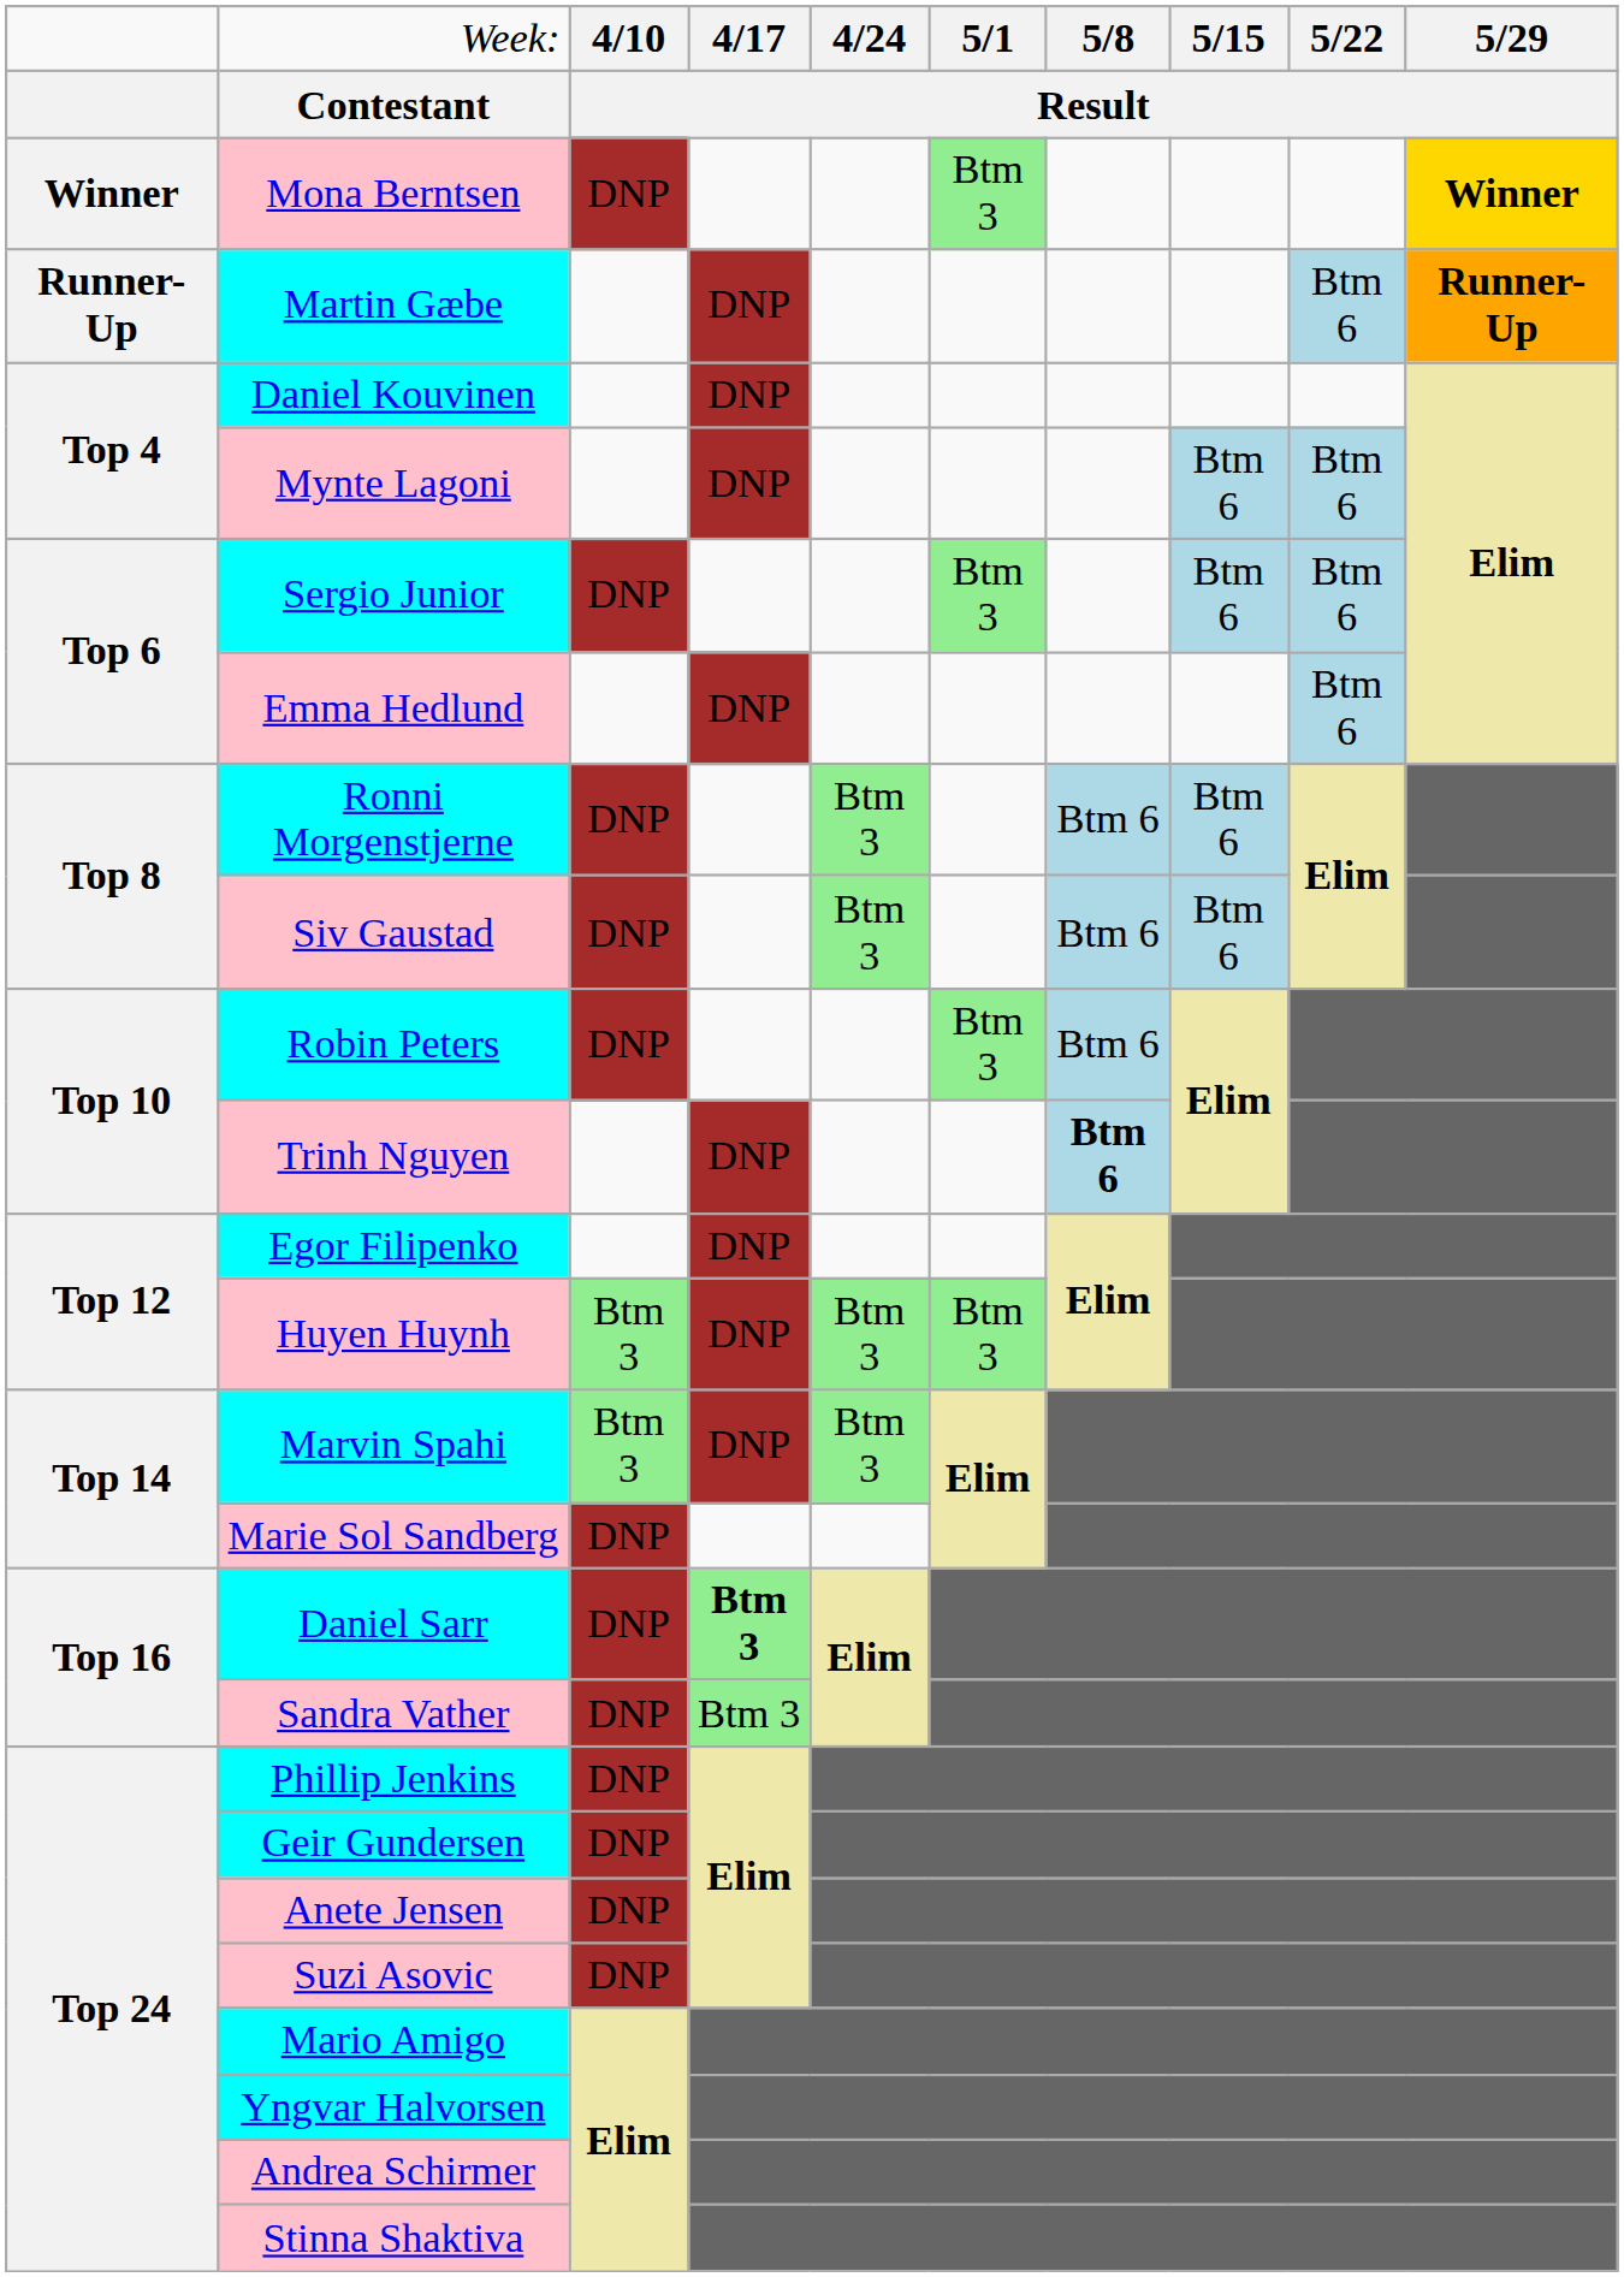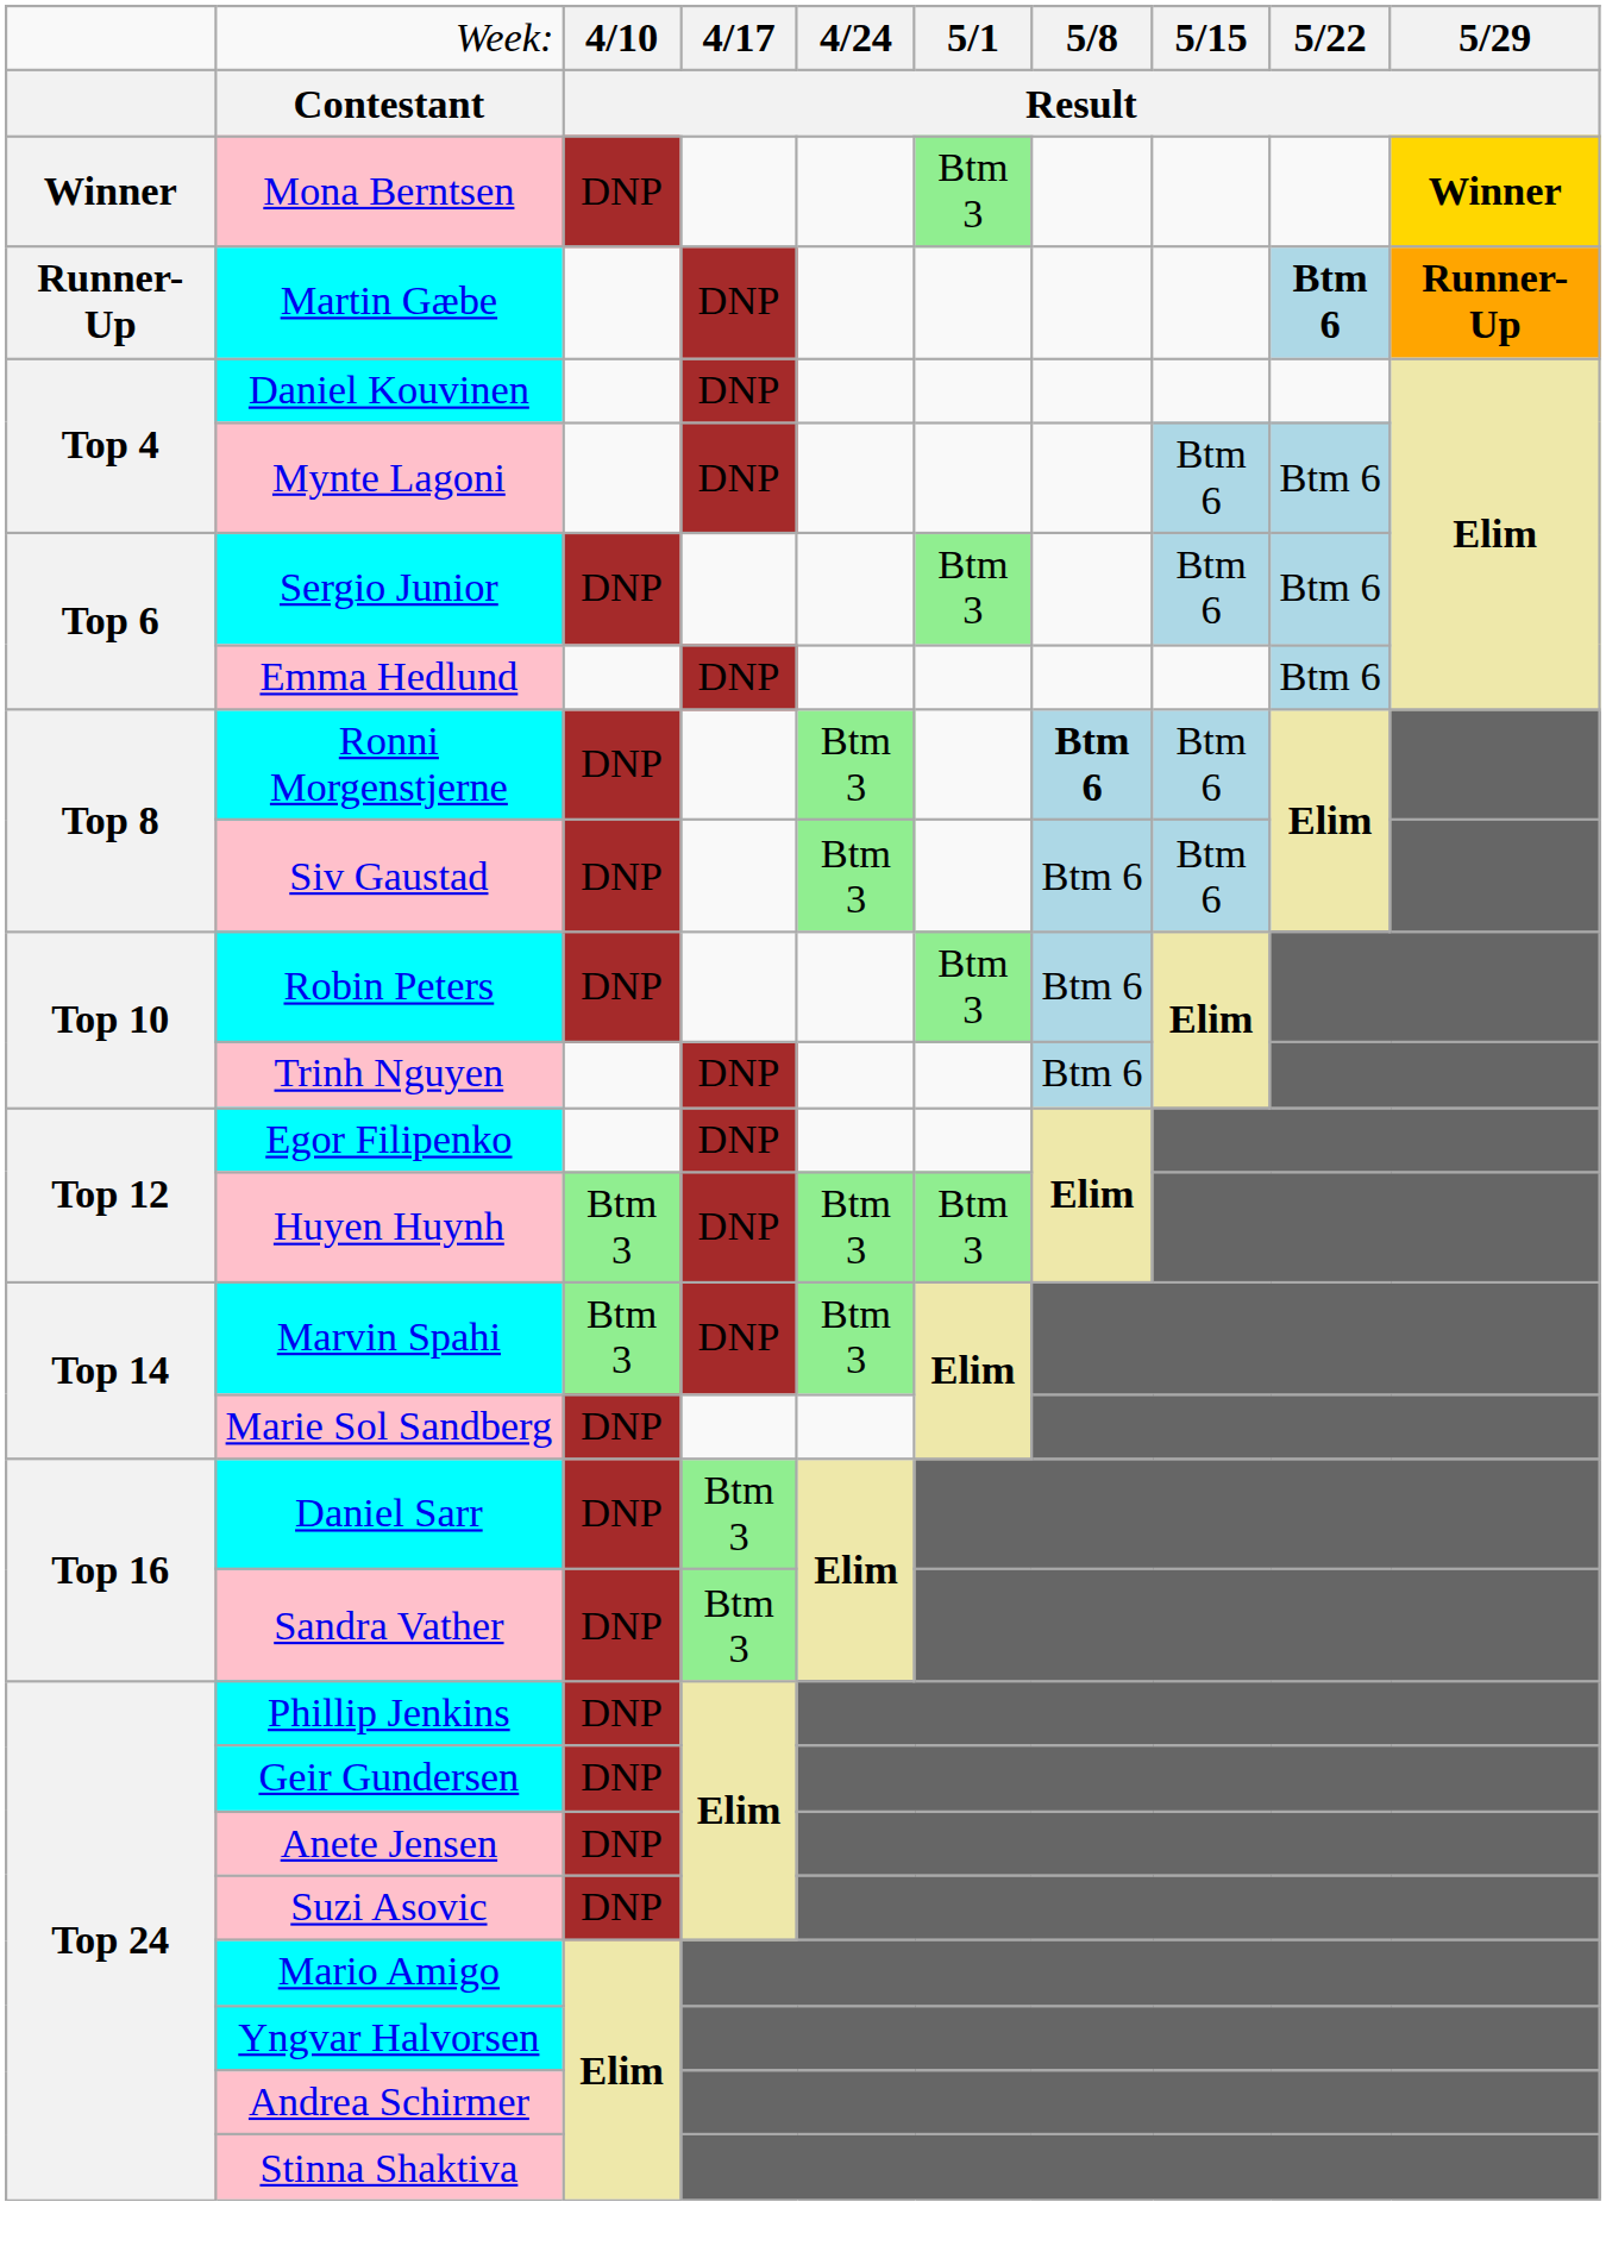 <table class="wikitable" style="margin:1em auto; text-align: center">
 <tr>
 <td></td>
 <td align = "right"><em>Week:</em></td>
 <th>4/10</th>
 <th>4/17</th>
 <th>4/24</th>
 <th>5/1</th>
 <th>5/8</th>
 <th>5/15</th>
 <th>5/22</th>
 <th>5/29</th>
 </tr>
 <tr>
 <th></th>
 <th>Contestant</th>
 <th colspan="8">Result</th>
 </tr>
 <tr>
 <th>Winner</th>
 <td style="background: pink"><a href='#'>Mona Berntsen</a></td>
 <td style="background: brown">DNP</td>
 <td></td>
 <td></td>
 <td style="background: lightgreen">Btm 3</td>
 <td></td>
 <td></td>
 <td></td>
 <td style="background: gold"><strong>Winner</strong></td>
 </tr>
 <tr>
 <th>Runner-Up</th>
 <td style="background: cyan"><a href='#'>Martin Gæbe</a></td>
 <td></td>
 <td style="background: brown">DNP</td>
 <td></td>
 <td></td>
 <td></td>
 <td></td>
-<td style="background: lightblue">Btm 6</td>
+<td style="background: lightblue"><strong>Btm 6</strong></td>
 <td style="background: orange"><strong>Runner-Up</strong></td>
 </tr>
 <tr>
 <th rowspan="2">Top 4</th>
 <td style="background: cyan"><a href='#'>Daniel Kouvinen</a></td>
 <td></td>
 <td style="background: brown">DNP</td>
 <td></td>
 <td></td>
 <td></td>
 <td></td>
 <td></td>
 <td rowspan="4" style="background: palegoldenrod"><strong>Elim</strong></td>
 </tr>
 <tr>
 <td style="background: pink"><a href='#'>Mynte Lagoni</a></td>
 <td></td>
 <td style="background: brown">DNP</td>
 <td></td>
 <td></td>
 <td></td>
 <td style="background: lightblue">Btm 6</td>
 <td style="background: lightblue">Btm 6</td>
 </tr>
 <tr>
 <th rowspan="2">Top 6</th>
 <td style="background: cyan"><a href='#'>Sergio Junior</a></td>
 <td style="background: brown">DNP</td>
 <td></td>
 <td></td>
 <td style="background: lightgreen">Btm 3</td>
 <td></td>
 <td style="background: lightblue">Btm 6</td>
 <td style="background: lightblue">Btm 6</td>
 </tr>
 <tr>
 <td style="background: pink"><a href='#'>Emma Hedlund</a></td>
 <td></td>
 <td style="background: brown">DNP</td>
 <td></td>
 <td></td>
 <td></td>
 <td></td>
 <td style="background: lightblue">Btm 6</td>
 </tr>
 <tr>
 <th rowspan="2">Top 8</th>
 <td style="background: cyan"><a href='#'>Ronni Morgenstjerne</a></td>
 <td style="background: brown">DNP</td>
 <td></td>
 <td style="background: lightgreen">Btm 3</td>
 <td></td>
-<td style="background: lightblue">Btm 6</td>
+<td style="background: lightblue"><strong>Btm 6</strong></td>
 <td style="background: lightblue">Btm 6</td>
 <td rowspan="2" style="background: palegoldenrod"><strong>Elim</strong></td>
 <td bgcolor="666666"></td>
 </tr>
 <tr>
 <td style="background: pink"><a href='#'>Siv Gaustad</a></td>
 <td style="background: brown">DNP</td>
 <td></td>
 <td style="background: lightgreen">Btm 3</td>
 <td></td>
 <td style="background: lightblue">Btm 6</td>
 <td style="background: lightblue">Btm 6</td>
 <td bgcolor="666666"></td>
 </tr>
 <tr>
 <th rowspan="2">Top 10</th>
 <td style="background: cyan"><a href='#'>Robin Peters</a></td>
 <td style="background: brown">DNP</td>
 <td></td>
 <td></td>
 <td style="background: lightgreen">Btm 3</td>
 <td style="background: lightblue">Btm 6</td>
 <td rowspan="2" style="background: palegoldenrod"><strong>Elim</strong></td>
 <td colspan="2" bgcolor="666666"></td>
 </tr>
 <tr>
 <td style="background: pink"><a href='#'>Trinh Nguyen</a></td>
 <td></td>
 <td style="background: brown">DNP</td>
 <td></td>
 <td></td>
-<td style="background: lightblue"><strong>Btm 6</strong></td>
+<td style="background: lightblue">Btm 6</td>
 <td colspan="2" bgcolor="666666"></td>
 </tr>
 <tr>
 <th rowspan="2">Top 12</th>
 <td style="background: cyan"><a href='#'>Egor Filipenko</a></td>
 <td></td>
 <td style="background: brown">DNP</td>
 <td></td>
 <td></td>
 <td rowspan="2" style="background: palegoldenrod"><strong>Elim</strong></td>
 <td colspan="3" bgcolor="666666"></td>
 </tr>
 <tr>
 <td style="background: pink"><a href='#'>Huyen Huynh</a></td>
 <td style="background: lightgreen">Btm 3</td>
 <td style="background: brown">DNP</td>
 <td style="background: lightgreen">Btm 3</td>
 <td style="background: lightgreen">Btm 3</td>
 <td colspan="3" bgcolor="666666"></td>
 </tr>
 <tr>
 <th rowspan="2">Top 14</th>
 <td style="background: cyan"><a href='#'>Marvin Spahi</a></td>
 <td style="background: lightgreen">Btm 3</td>
 <td style="background: brown">DNP</td>
 <td style="background: lightgreen">Btm 3</td>
 <td rowspan="2" style="background: palegoldenrod"><strong>Elim</strong></td>
 <td colspan="4" bgcolor="666666"></td>
 </tr>
 <tr>
 <td style="background: pink"><a href='#'>Marie Sol Sandberg</a></td>
 <td style="background: brown">DNP</td>
 <td></td>
 <td></td>
 <td colspan="4" bgcolor="666666"></td>
 </tr>
 <tr>
 <th rowspan="2">Top 16</th>
 <td style="background: cyan"><a href='#'>Daniel Sarr</a></td>
 <td style="background: brown">DNP</td>
-<td style="background: lightgreen"><strong>Btm 3</strong></td>
+<td style="background: lightgreen">Btm 3</td>
 <td rowspan="2" style="background: palegoldenrod"><strong>Elim</strong></td>
 <td colspan="5" bgcolor="666666"></td>
 </tr>
 <tr>
 <td style="background: pink"><a href='#'>Sandra Vather</a></td>
 <td style="background: brown">DNP</td>
 <td style="background: lightgreen">Btm 3</td>
 <td colspan="5" bgcolor="666666"></td>
 </tr>
 <tr>
 <th rowspan="8">Top 24</th>
 <td style="background: cyan"><a href='#'>Phillip Jenkins</a></td>
 <td style="background: brown">DNP</td>
 <td rowspan="4" style="background: palegoldenrod"><strong>Elim</strong></td>
 <td colspan="6" bgcolor="666666"></td>
 </tr>
 <tr>
 <td style="background: cyan"><a href='#'>Geir Gundersen</a></td>
 <td style="background: brown">DNP</td>
 <td colspan="6" bgcolor="666666"></td>
 </tr>
 <tr>
 <td style="background: pink"><a href='#'>Anete Jensen</a></td>
 <td style="background: brown">DNP</td>
 <td colspan="6" bgcolor="666666"></td>
 </tr>
 <tr>
 <td style="background: pink"><a href='#'>Suzi Asovic</a></td>
 <td style="background: brown">DNP</td>
 <td colspan="6" bgcolor="666666"></td>
 </tr>
 <tr>
 <td style="background: cyan"><a href='#'>Mario Amigo</a></td>
 <td rowspan="4" style="background: palegoldenrod"><strong>Elim</strong></td>
 <td colspan="7" bgcolor="666666"></td>
 </tr>
 <tr>
 <td style="background: cyan"><a href='#'>Yngvar Halvorsen</a></td>
 <td colspan="7" bgcolor="666666"></td>
 </tr>
 <tr>
 <td style="background: pink"><a href='#'>Andrea Schirmer</a></td>
 <td colspan="7" bgcolor="666666"></td>
 </tr>
 <tr>
 <td style="background: pink"><a href='#'>Stinna Shaktiva</a></td>
 <td colspan="7" bgcolor="666666"></td>
 </tr>
 </table>
